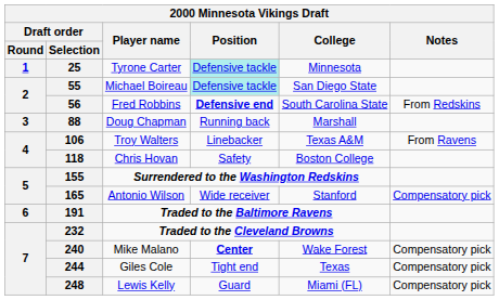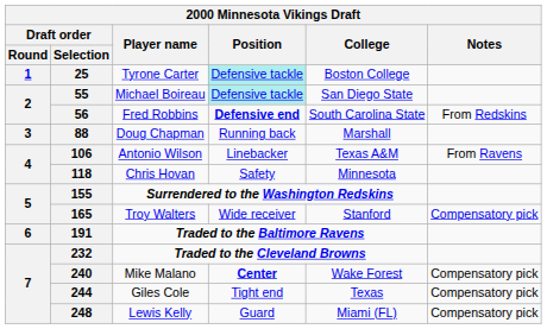 <table class="wikitable" style="text-align:center">
 <tr>
 <th colspan="6">2000 Minnesota Vikings Draft</th>
 </tr>
 <tr>
 <th colspan="2">Draft order</th>
 <th rowspan="2">Player name</th>
 <th rowspan="2">Position</th>
 <th rowspan="2">College</th>
 <th rowspan="2">Notes</th>
 </tr>
 <tr>
 <th>Round</th>
 <th>Selection</th>
 </tr>
 <tr>
 <th><a href='#'>1</a></th>
 <th>25</th>
 <td><a href='#'>Tyrone Carter</a></td>
 <td style="background: paleturquoise;"><a href='#'>Defensive tackle</a></td>
-<td><a href='#'>Minnesota</a></td>
+<td><a href='#'>Boston College</a></td>
 <td></td>
 </tr>
 <tr>
 <th rowspan="2">2</th>
 <th>55</th>
 <td><a href='#'>Michael Boireau</a></td>
 <td style="background: paleturquoise;"><a href='#'>Defensive tackle</a></td>
 <td><a href='#'>San Diego State</a></td>
 <td></td>
 </tr>
 <tr>
 <th>56</th>
 <td><a href='#'>Fred Robbins</a></td>
 <td><strong><a href='#'>Defensive end</a></strong></td>
 <td><a href='#'>South Carolina State</a></td>
 <td>From <a href='#'>Redskins</a></td>
 </tr>
 <tr>
 <th>3</th>
 <th>88</th>
 <td><a href='#'>Doug Chapman</a></td>
 <td><a href='#'>Running back</a></td>
 <td><a href='#'>Marshall</a></td>
 <td></td>
 </tr>
 <tr>
 <th rowspan="2">4</th>
 <th>106</th>
-<td><a href='#'>Troy Walters</a></td>
+<td><a href='#'>Antonio Wilson</a></td>
 <td><a href='#'>Linebacker</a></td>
 <td><a href='#'>Texas A&M</a></td>
 <td>From <a href='#'>Ravens</a></td>
 </tr>
 <tr>
 <th>118</th>
 <td><a href='#'>Chris Hovan</a></td>
 <td><a href='#'>Safety</a></td>
-<td><a href='#'>Boston College</a></td>
+<td><a href='#'>Minnesota</a></td>
 <td></td>
 </tr>
 <tr>
 <th rowspan="2">5</th>
 <th>155</th>
 <td colspan="3"><strong><em>Surrendered to the <a href='#'>Washington Redskins</a></em></strong></td>
 <td></td>
 </tr>
 <tr>
 <th>165</th>
-<td><a href='#'>Antonio Wilson</a></td>
+<td><a href='#'>Troy Walters</a></td>
 <td><a href='#'>Wide receiver</a></td>
 <td><a href='#'>Stanford</a></td>
 <td><a href='#'>Compensatory pick</a></td>
 </tr>
 <tr>
 <th>6</th>
 <th>191</th>
 <td colspan="3"><strong><em>Traded to the <a href='#'>Baltimore Ravens</a></em></strong></td>
 <td></td>
 </tr>
 <tr>
 <th rowspan="4">7</th>
 <th>232</th>
 <td colspan="3"><strong><em>Traded to the <a href='#'>Cleveland Browns</a></em></strong></td>
 <td></td>
 </tr>
 <tr>
 <th>240</th>
 <td>Mike Malano</td>
 <td><strong><a href='#'>Center</a></strong></td>
 <td><a href='#'>Wake Forest</a></td>
 <td>Compensatory pick</td>
 </tr>
 <tr>
 <th>244</th>
 <td>Giles Cole</td>
 <td><a href='#'>Tight end</a></td>
 <td><a href='#'>Texas</a></td>
 <td>Compensatory pick</td>
 </tr>
 <tr>
 <th>248</th>
 <td><a href='#'>Lewis Kelly</a></td>
 <td><a href='#'>Guard</a></td>
 <td><a href='#'>Miami (FL)</a></td>
 <td>Compensatory pick</td>
 </tr>
 </table>
